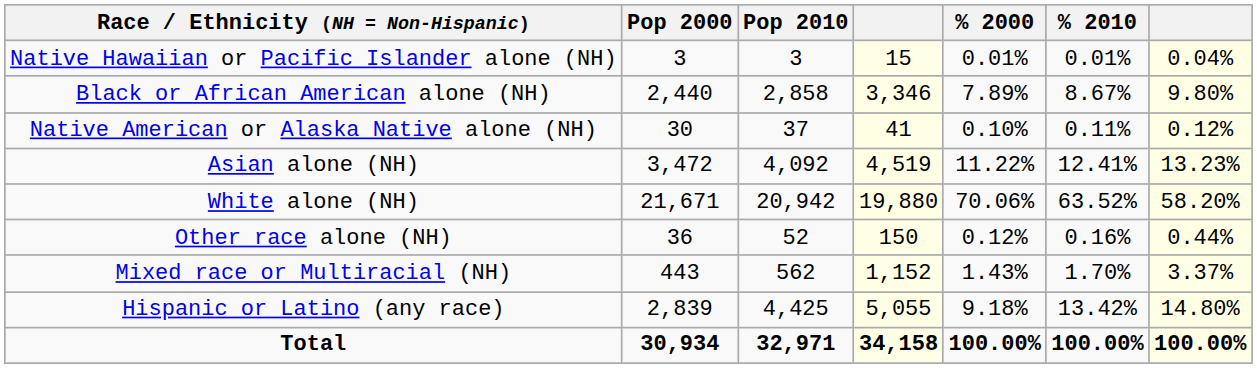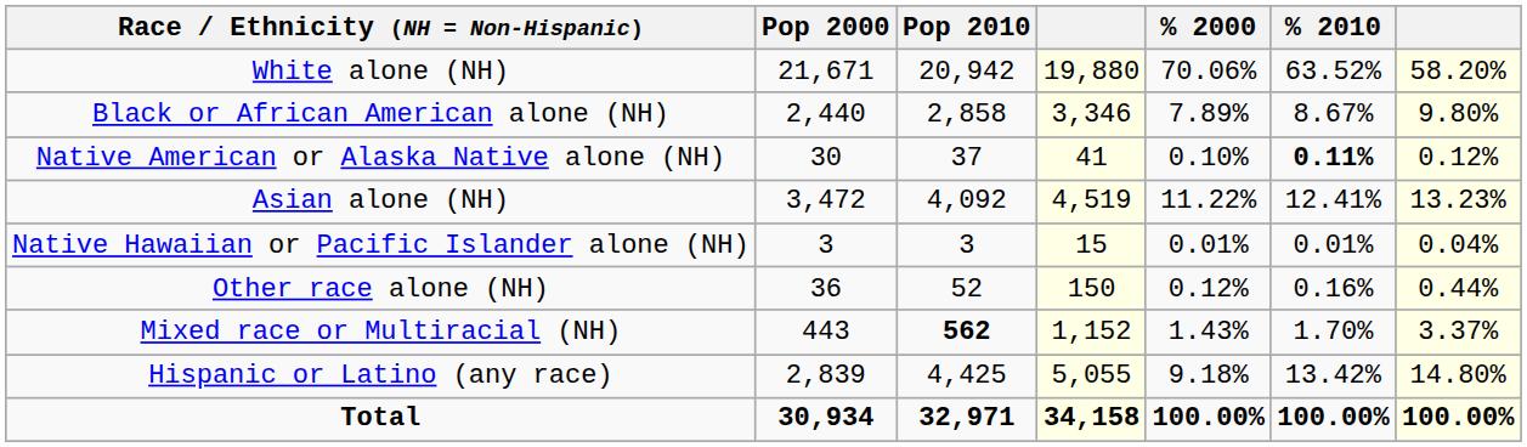 <table class="wikitable" style="text-align:center;">
 <tr>
 <th>Race / Ethnicity <small>(<em>NH = Non-Hispanic</em>)</small></th>
 <th>Pop 2000</th>
 <th>Pop 2010</th>
 <th></th>
 <th>% 2000</th>
 <th>% 2010</th>
 <th></th>
 </tr>
 <tr>
-<td><a href='#'>Native Hawaiian</a> or <a href='#'>Pacific Islander</a> alone (NH)</td>
-<td>3</td>
-<td>3</td>
-<td style='background: #ffffe6;'>15</td>
-<td>0.01%</td>
-<td>0.01%</td>
-<td style='background: #ffffe6;'>0.04%</td>
+<td><a href='#'>White</a> alone (NH)</td>
+<td>21,671</td>
+<td>20,942</td>
+<td style='background: #ffffe6;'>19,880</td>
+<td>70.06%</td>
+<td>63.52%</td>
+<td style='background: #ffffe6;'>58.20%</td>
 </tr>
 <tr>
 <td><a href='#'>Black or African American</a> alone (NH)</td>
 <td>2,440</td>
 <td>2,858</td>
 <td style='background: #ffffe6;'>3,346</td>
 <td>7.89%</td>
 <td>8.67%</td>
 <td style='background: #ffffe6;'>9.80%</td>
 </tr>
 <tr>
 <td><a href='#'>Native American</a> or <a href='#'>Alaska Native</a> alone (NH)</td>
 <td>30</td>
 <td>37</td>
 <td style='background: #ffffe6;'>41</td>
 <td>0.10%</td>
-<td>0.11%</td>
+<td><strong>0.11%</strong></td>
 <td style='background: #ffffe6;'>0.12%</td>
 </tr>
 <tr>
 <td><a href='#'>Asian</a> alone (NH)</td>
 <td>3,472</td>
 <td>4,092</td>
 <td style='background: #ffffe6;'>4,519</td>
 <td>11.22%</td>
 <td>12.41%</td>
 <td style='background: #ffffe6;'>13.23%</td>
 </tr>
 <tr>
-<td><a href='#'>White</a> alone (NH)</td>
-<td>21,671</td>
-<td>20,942</td>
-<td style='background: #ffffe6;'>19,880</td>
-<td>70.06%</td>
-<td>63.52%</td>
-<td style='background: #ffffe6;'>58.20%</td>
+<td><a href='#'>Native Hawaiian</a> or <a href='#'>Pacific Islander</a> alone (NH)</td>
+<td>3</td>
+<td>3</td>
+<td style='background: #ffffe6;'>15</td>
+<td>0.01%</td>
+<td>0.01%</td>
+<td style='background: #ffffe6;'>0.04%</td>
 </tr>
 <tr>
 <td><a href='#'>Other race</a> alone (NH)</td>
 <td>36</td>
 <td>52</td>
 <td style='background: #ffffe6;'>150</td>
 <td>0.12%</td>
 <td>0.16%</td>
 <td style='background: #ffffe6;'>0.44%</td>
 </tr>
 <tr>
 <td><a href='#'>Mixed race or Multiracial</a> (NH)</td>
 <td>443</td>
-<td>562</td>
+<td><strong>562</strong></td>
 <td style='background: #ffffe6;'>1,152</td>
 <td>1.43%</td>
 <td>1.70%</td>
 <td style='background: #ffffe6;'>3.37%</td>
 </tr>
 <tr>
 <td><a href='#'>Hispanic or Latino</a> (any race)</td>
 <td>2,839</td>
 <td>4,425</td>
 <td style='background: #ffffe6;'>5,055</td>
 <td>9.18%</td>
 <td>13.42%</td>
 <td style='background: #ffffe6;'>14.80%</td>
 </tr>
 <tr>
 <td><strong>Total</strong></td>
 <td><strong>30,934</strong></td>
 <td><strong>32,971</strong></td>
 <td style='background: #ffffe6;'><strong>34,158</strong></td>
 <td><strong>100.00%</strong></td>
 <td><strong>100.00%</strong></td>
 <td style='background: #ffffe6;'><strong>100.00%</strong></td>
 </tr>
 </table>
